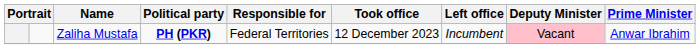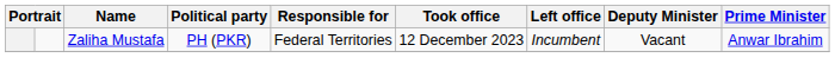 <table class="wikitable" style="text-align:center;">
 <tr>
 <th colspan=2>Portrait</th>
 <th>Name<br></th>
 <th>Political party</th>
 <th>Responsible for</th>
 <th>Took office</th>
 <th>Left office</th>
 <th>Deputy Minister</th>
 <th><a href='#'>Prime Minister</a><br></th>
 </tr>
 <tr>
 <th style="background:"></th>
 <td></td>
 <td><a href='#'>Zaliha Mustafa</a><br></td>
-<td><strong><a href='#'>PH</a> (<a href='#'>PKR</a>)</strong></td>
+<td><a href='#'>PH</a> (<a href='#'>PKR</a>)</td>
 <td>Federal Territories</td>
 <td>12 December 2023</td>
 <td><em>Incumbent</em></td>
-<td style="background: pink;">Vacant</td>
+<td>Vacant</td>
 <td><a href='#'>Anwar Ibrahim</a><br></td>
 </tr>
 <tr>
 </tr>
 </table>
